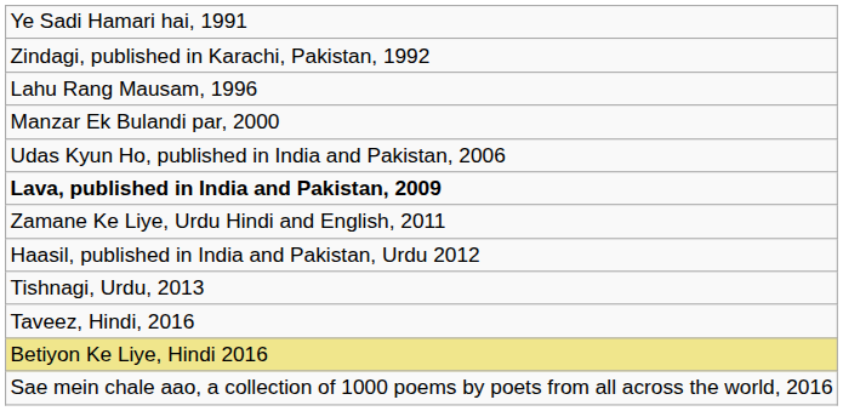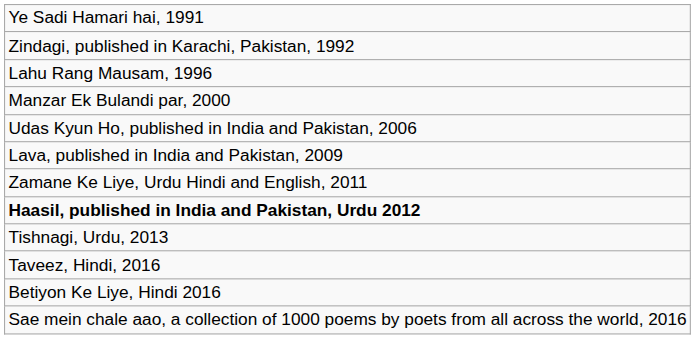 <table class="wikitable">
 <tr>
 <td>Ye Sadi Hamari hai, 1991</td>
 </tr>
 <tr>
 <td>Zindagi, published in Karachi, Pakistan, 1992</td>
 </tr>
 <tr>
 <td>Lahu Rang Mausam, 1996</td>
 </tr>
 <tr>
 <td>Manzar Ek Bulandi par, 2000</td>
 </tr>
 <tr>
 <td>Udas Kyun Ho, published in India and Pakistan, 2006</td>
 </tr>
 <tr>
-<td><strong>Lava, published in India and Pakistan, 2009</strong></td>
+<td>Lava, published in India and Pakistan, 2009</td>
 </tr>
 <tr>
 <td>Zamane Ke Liye, Urdu Hindi and English, 2011</td>
 </tr>
 <tr>
-<td>Haasil, published in India and Pakistan, Urdu 2012</td>
+<td><strong>Haasil, published in India and Pakistan, Urdu 2012</strong></td>
 </tr>
 <tr>
 <td>Tishnagi, Urdu, 2013</td>
 </tr>
 <tr>
 <td>Taveez, Hindi, 2016</td>
 </tr>
 <tr>
-<td style="background: khaki;">Betiyon Ke Liye, Hindi 2016</td>
+<td>Betiyon Ke Liye, Hindi 2016</td>
 </tr>
 <tr>
 <td>Sae mein chale aao, a collection of 1000 poems by poets from all across the world, 2016</td>
 </tr>
 </table>
